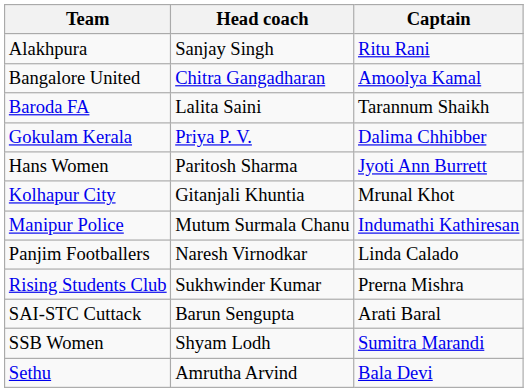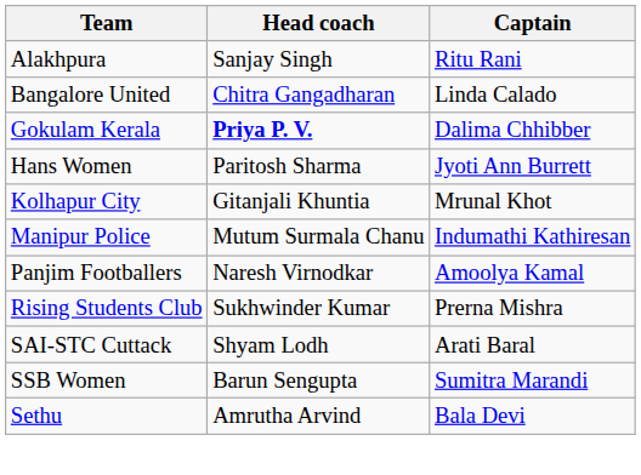 <table class="wikitable sortable" style="text-align: left">
 <tr>
 <th>Team</th>
 <th>Head coach</th>
 <th>Captain</th>
 </tr>
 <tr>
 <td>Alakhpura</td>
 <td> Sanjay Singh</td>
 <td> <a href='#'>Ritu Rani</a></td>
 </tr>
 <tr>
 <td>Bangalore United</td>
 <td> <a href='#'>Chitra Gangadharan</a></td>
-<td> <a href='#'>Amoolya Kamal</a></td>
-</tr>
-<tr>
-<td><a href='#'>Baroda FA</a></td>
-<td> Lalita Saini</td>
-<td> Tarannum Shaikh</td>
+<td> Linda Calado</td>
 </tr>
 <tr>
 <td><a href='#'>Gokulam Kerala</a></td>
-<td> <a href='#'>Priya P. V.</a></td>
+<td><strong> <a href='#'>Priya P. V.</a></strong></td>
 <td> <a href='#'>Dalima Chhibber</a></td>
 </tr>
 <tr>
 <td>Hans Women</td>
 <td> Paritosh Sharma</td>
 <td> <a href='#'>Jyoti Ann Burrett</a></td>
 </tr>
 <tr>
 <td><a href='#'>Kolhapur City</a></td>
 <td> Gitanjali Khuntia</td>
 <td> Mrunal Khot</td>
 </tr>
 <tr>
 <td><a href='#'>Manipur Police</a></td>
 <td> Mutum Surmala Chanu</td>
 <td> <a href='#'>Indumathi Kathiresan</a></td>
 </tr>
 <tr>
 <td>Panjim Footballers</td>
 <td> Naresh Virnodkar</td>
-<td> Linda Calado</td>
+<td> <a href='#'>Amoolya Kamal</a></td>
 </tr>
 <tr>
 <td><a href='#'>Rising Students Club</a></td>
 <td> Sukhwinder Kumar</td>
 <td> Prerna Mishra</td>
 </tr>
 <tr>
 <td>SAI-STC Cuttack</td>
-<td> Barun Sengupta</td>
+<td> Shyam Lodh</td>
 <td> Arati Baral</td>
 </tr>
 <tr>
 <td>SSB Women</td>
-<td> Shyam Lodh</td>
+<td> Barun Sengupta</td>
 <td> <a href='#'>Sumitra Marandi</a></td>
 </tr>
 <tr>
 <td><a href='#'>Sethu</a></td>
 <td> Amrutha Arvind</td>
 <td> <a href='#'>Bala Devi</a></td>
 </tr>
 </table>
